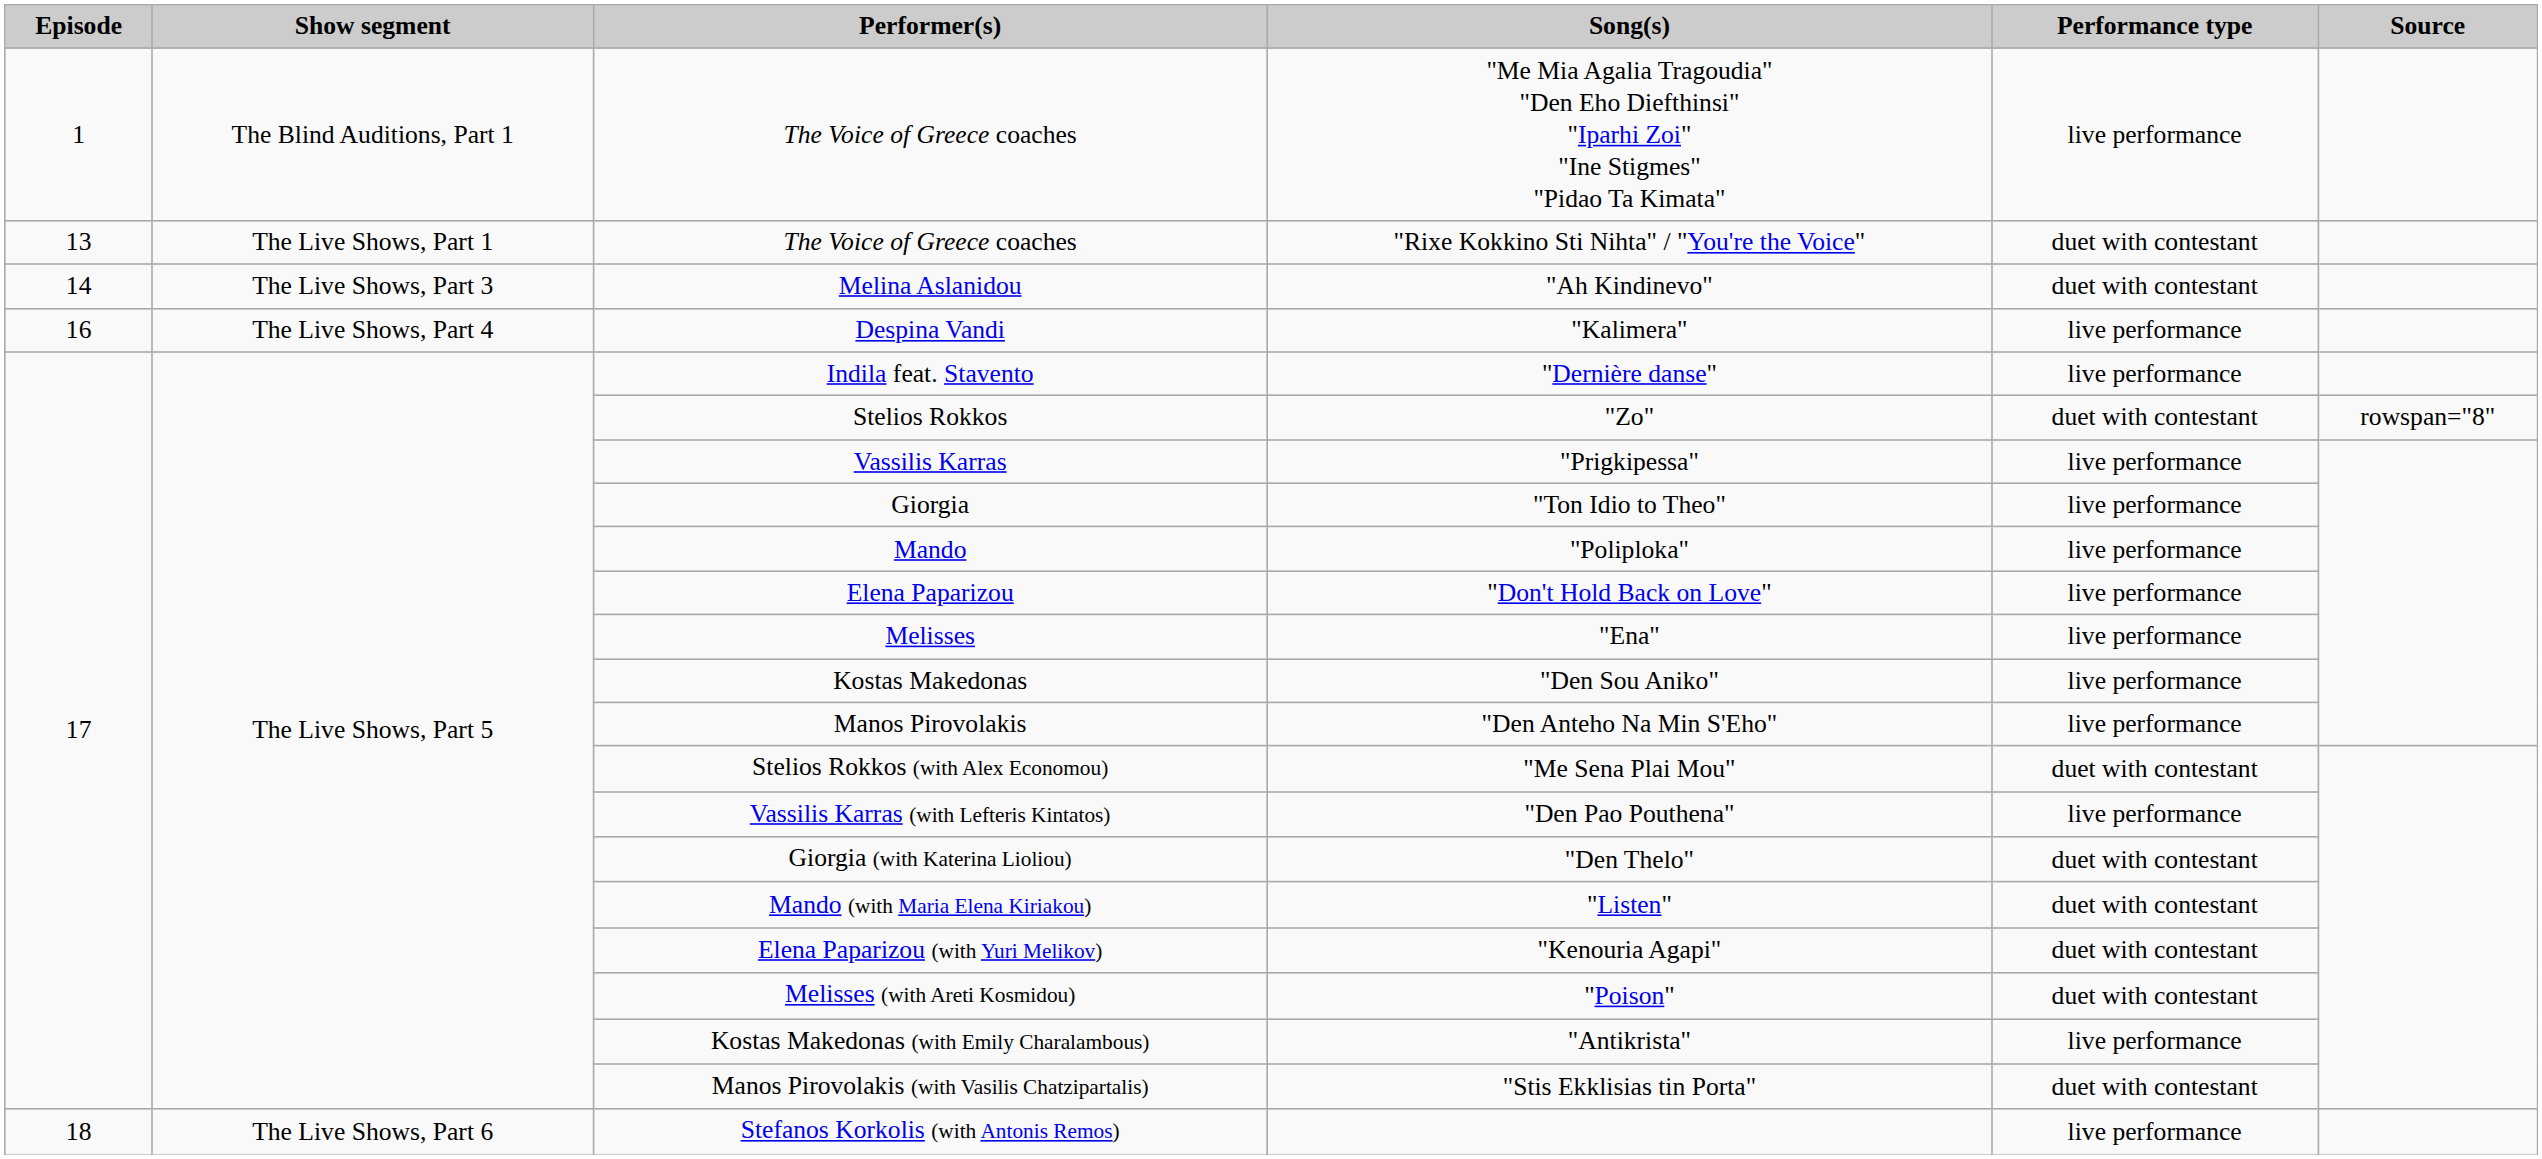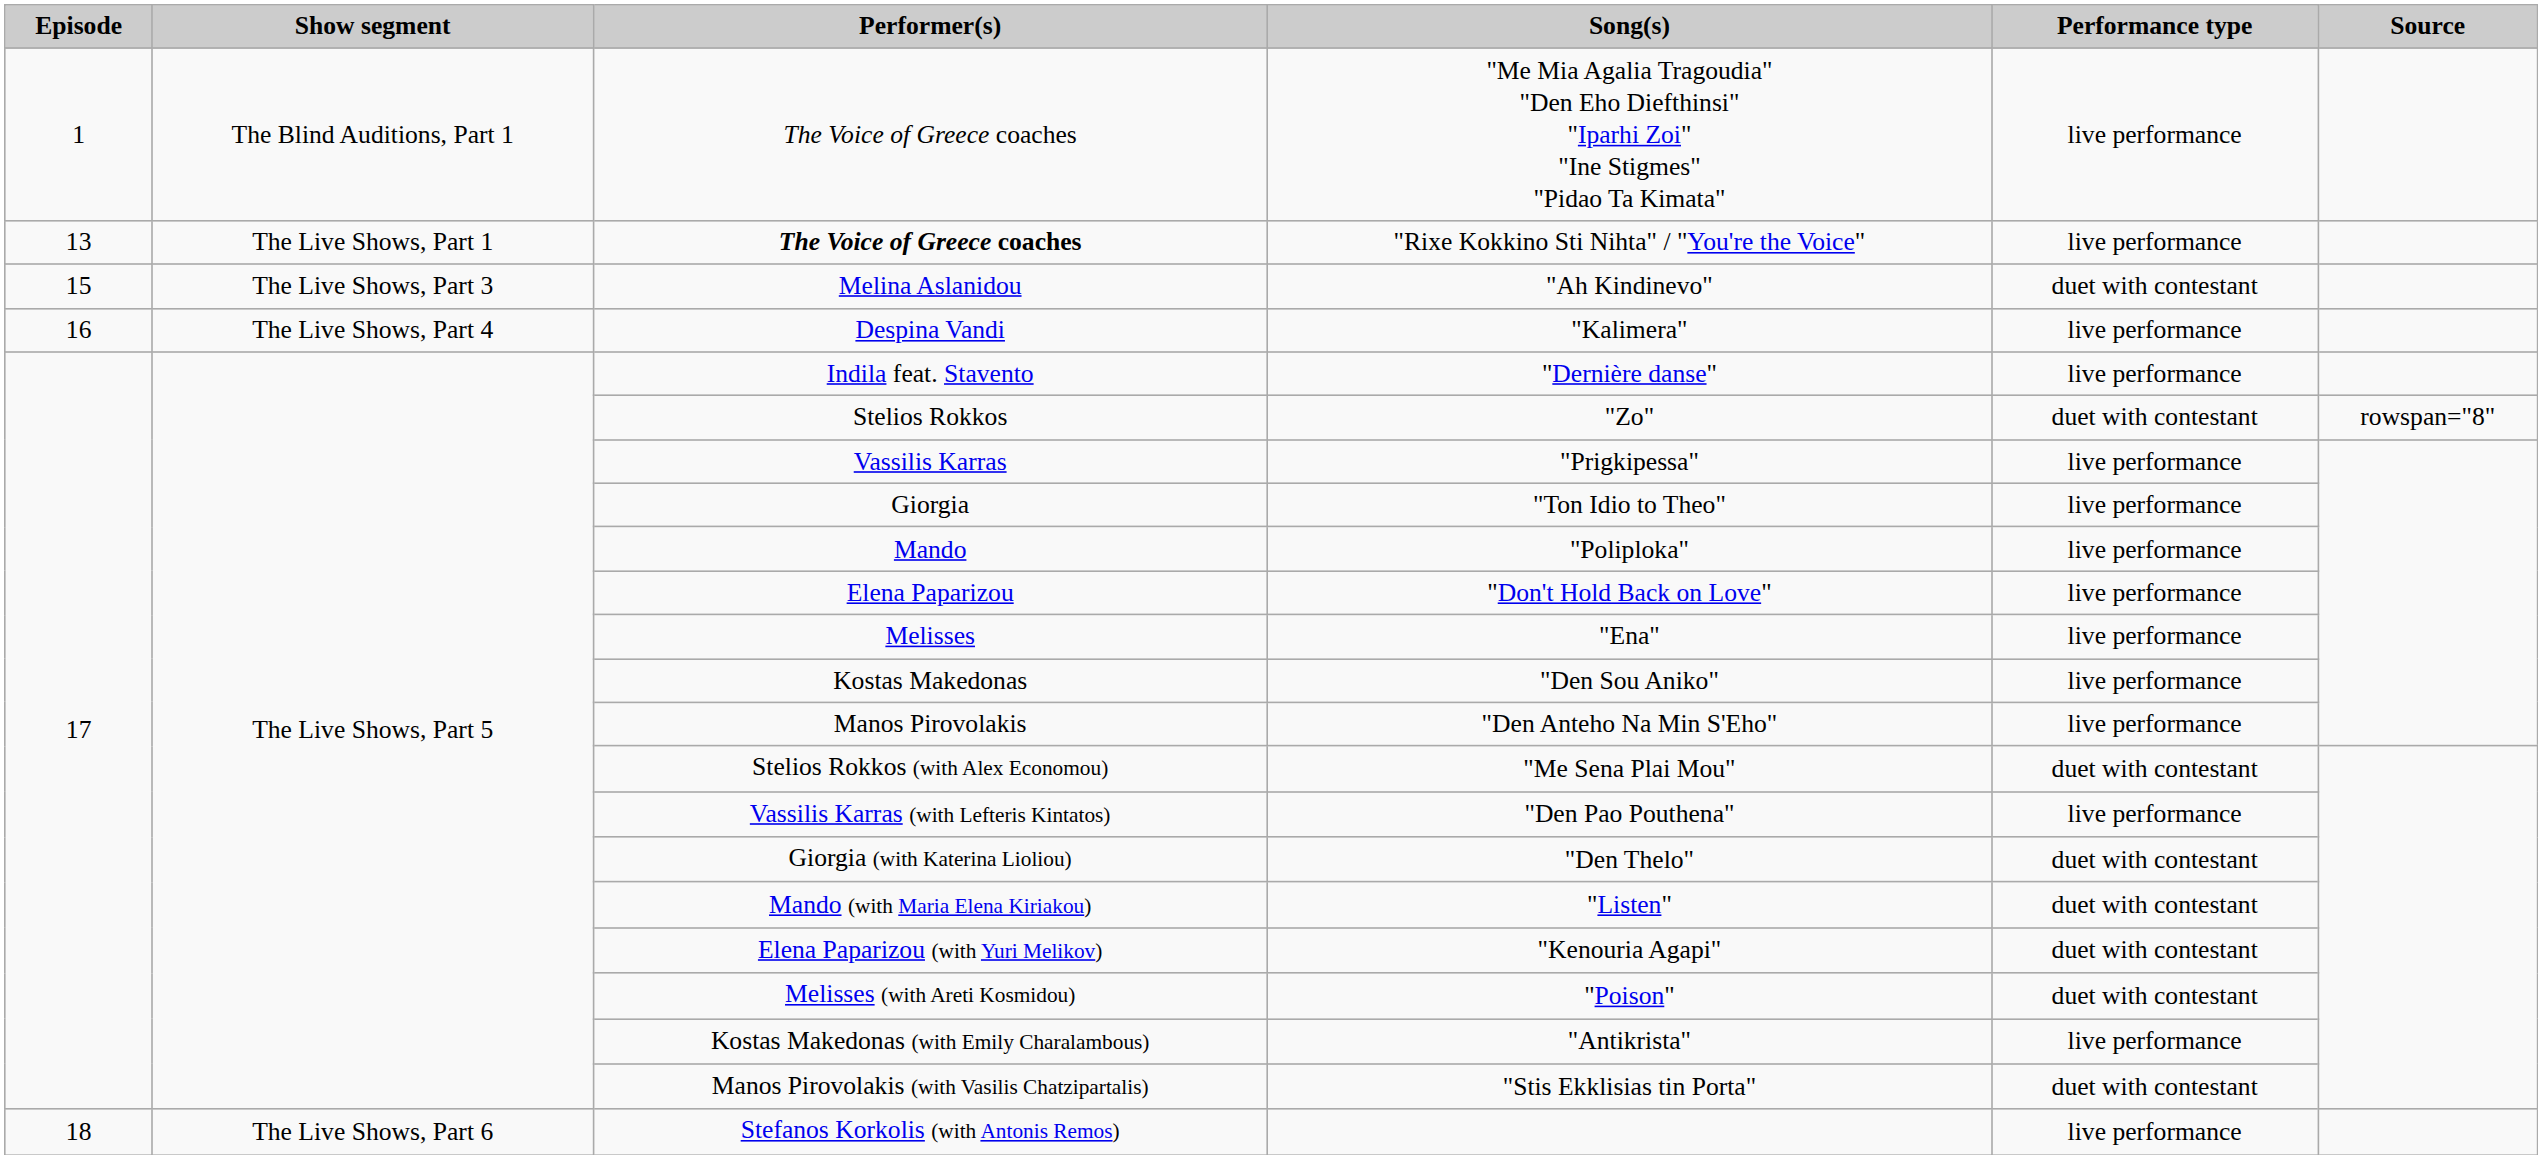 <table class="wikitable" style="text-align:center; background:#f9f9f9; line-height:20px;" width="100%">
 <tr>
 <th style="background:#ccc;">Episode</th>
 <th style="background:#ccc;">Show segment</th>
 <th style="background:#ccc;">Performer(s)</th>
 <th style="background:#ccc;">Song(s)</th>
 <th style="background:#ccc;">Performance type</th>
 <th style="background:#ccc;">Source</th>
 </tr>
 <tr>
 <td>1</td>
 <td>The Blind Auditions, Part 1</td>
 <td><em>The Voice of Greece</em> coaches</td>
 <td>"Me Mia Agalia Tragoudia"<br>"Den Eho Diefthinsi"<br>"<a href='#'>Iparhi Zoi</a>"<br>"Ine Stigmes"<br>"Pidao Ta Kimata"</td>
 <td>live performance</td>
 <td></td>
 </tr>
 <tr>
 <td>13</td>
 <td>The Live Shows, Part 1</td>
-<td><em>The Voice of Greece</em> coaches</td>
+<td><strong><em>The Voice of Greece</em> coaches</strong></td>
 <td>"Rixe Kokkino Sti Nihta" / "<a href='#'>You're the Voice</a>"</td>
-<td>duet with contestant</td>
+<td>live performance</td>
 <td></td>
 </tr>
 <tr>
-<td>14</td>
+<td>15</td>
 <td>The Live Shows, Part 3</td>
 <td><a href='#'>Melina Aslanidou</a></td>
 <td>"Ah Kindinevo"</td>
 <td>duet with contestant</td>
 <td></td>
 </tr>
 <tr>
 <td>16</td>
 <td>The Live Shows, Part 4</td>
 <td><a href='#'>Despina Vandi</a></td>
 <td>"Kalimera"</td>
 <td>live performance</td>
 <td></td>
 </tr>
 <tr>
 <td rowspan="17">17</td>
 <td rowspan="17">The Live Shows, Part 5</td>
 <td><a href='#'>Indila</a> feat. <a href='#'>Stavento</a></td>
 <td>"<a href='#'>Dernière danse</a>"</td>
 <td>live performance</td>
 <td></td>
 </tr>
 <tr>
 <td>Stelios Rokkos</td>
 <td>"Zo"</td>
 <td>duet with contestant</td>
 <td>rowspan="8" </td>
 </tr>
 <tr>
 <td><a href='#'>Vassilis Karras</a></td>
 <td>"Prigkipessa"</td>
 <td>live performance</td>
 </tr>
 <tr>
 <td>Giorgia</td>
 <td>"Ton Idio to Theo"</td>
 <td>live performance</td>
 </tr>
 <tr>
 <td><a href='#'>Mando</a></td>
 <td>"Poliploka"</td>
 <td>live performance</td>
 </tr>
 <tr>
 <td><a href='#'>Elena Paparizou</a></td>
 <td>"<a href='#'>Don't Hold Back on Love</a>"</td>
 <td>live performance</td>
 </tr>
 <tr>
 <td><a href='#'>Melisses</a></td>
 <td>"Ena"</td>
 <td>live performance</td>
 </tr>
 <tr>
 <td>Kostas Makedonas</td>
 <td>"Den Sou Aniko"</td>
 <td>live performance</td>
 </tr>
 <tr>
 <td>Manos Pirovolakis</td>
 <td>"Den Anteho Na Min S'Eho"</td>
 <td>live performance</td>
 </tr>
 <tr>
 <td>Stelios Rokkos <small>(with Alex Economou)</small></td>
 <td>"Me Sena Plai Mou"</td>
 <td>duet with contestant</td>
 <td rowspan="8"></td>
 </tr>
 <tr>
 <td><a href='#'>Vassilis Karras</a> <small>(with Lefteris Kintatos)</small></td>
 <td>"Den Pao Pouthena"</td>
 <td>live performance</td>
 </tr>
 <tr>
 <td>Giorgia <small>(with Katerina Lioliou)</small></td>
 <td>"Den Thelo"</td>
 <td>duet with contestant</td>
 </tr>
 <tr>
 <td><a href='#'>Mando</a> <small>(with <a href='#'>Maria Elena Kiriakou</a>)</small></td>
 <td>"<a href='#'>Listen</a>"</td>
 <td>duet with contestant</td>
 </tr>
 <tr>
 <td><a href='#'>Elena Paparizou</a> <small>(with <a href='#'>Yuri Melikov</a>)</small></td>
 <td>"Kenouria Agapi"</td>
 <td>duet with contestant</td>
 </tr>
 <tr>
 <td><a href='#'>Melisses</a> <small>(with Areti Kosmidou)</small></td>
 <td>"<a href='#'>Poison</a>"</td>
 <td>duet with contestant</td>
 </tr>
 <tr>
 <td>Kostas Makedonas <small>(with Emily Charalambous)</small></td>
 <td>"Antikrista"</td>
 <td>live performance</td>
 </tr>
 <tr>
 <td>Manos Pirovolakis <small>(with Vasilis Chatzipartalis)</small></td>
 <td>"Stis Ekklisias tin Porta"</td>
 <td>duet with contestant</td>
 </tr>
 <tr>
 <td>18</td>
 <td>The Live Shows, Part 6</td>
 <td><a href='#'>Stefanos Korkolis</a> <small>(with <a href='#'>Antonis Remos</a>)</small></td>
 <td></td>
 <td>live performance</td>
 <td></td>
 </tr>
 </table>
